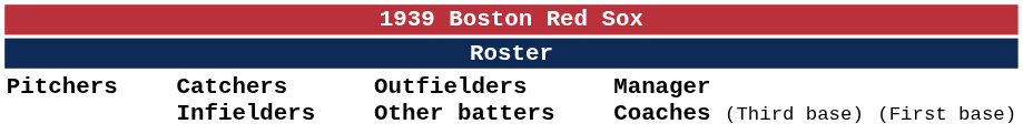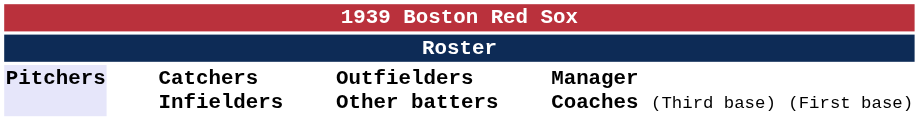 <table class="toccolours" style="text-align: left;">
 <tr>
 <th colspan="10" style="background-color: #ba313c; color: white; text-align: center;">1939 Boston Red Sox</th>
 </tr>
 <tr>
 <td colspan="10" style="background-color: #0d2b56; color: white; text-align: center;"><strong>Roster</strong></td>
 </tr>
 <tr>
-<td valign="top"><strong>Pitchers</strong><br>             </td>
+<td valign="top" style="background: lavender;"><strong>Pitchers</strong><br>             </td>
 <td width="25px"></td>
 <td valign="top"><strong>Catchers</strong><br>   <strong>Infielders</strong>       </td>
 <td width="25px"></td>
 <td valign="top"><strong>Outfielders</strong><br>    <strong>Other batters</strong> </td>
 <td width="25px"></td>
 <td valign="top"><strong>Manager</strong><br> <strong>Coaches</strong>   <small>(Third base)</small>  <small>(First base)</small></td>
 </tr>
 <tr>
 </tr>
 </table>
